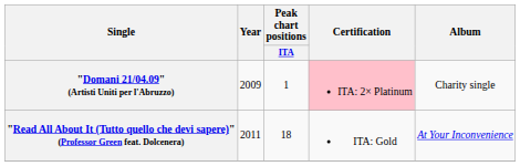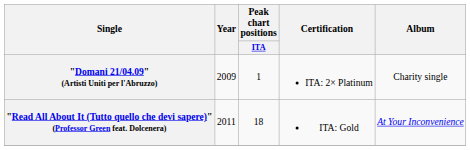 <table class="wikitable plainrowheaders" style="text-align:center;" border="1">
 <tr>
 <th scope="col" rowspan="2">Single</th>
 <th scope="col" rowspan="2">Year</th>
 <th scope="col" colspan="1">Peak chart positions</th>
 <th scope="col" rowspan="2">Certification</th>
 <th scope="col" rowspan="2">Album</th>
 </tr>
 <tr>
 <th scope="col" style="width:3em;font-size:85%;"><a href='#'>ITA</a><br></th>
 </tr>
 <tr>
 <th scope="row">"<a href='#'>Domani 21/04.09</a>"<br><small>(Artisti Uniti per l'Abruzzo)</small></th>
 <td>2009</td>
 <td>1</td>
-<td style="background: pink;"><br><ul><li>ITA: 2× Platinum</li></ul></td>
+<td><br><ul><li>ITA: 2× Platinum</li></ul></td>
 <td>Charity single</td>
 </tr>
 <tr>
 <th scope="row">"<a href='#'>Read All About It (Tutto quello che devi sapere)</a>"<br><small>(<a href='#'>Professor Green</a> feat. Dolcenera)</small></th>
 <td>2011</td>
 <td>18</td>
 <td><br><ul><li>ITA: Gold</li></ul></td>
 <td><em><a href='#'>At Your Inconvenience</a></em></td>
 </tr>
 <tr>
 </tr>
 </table>
